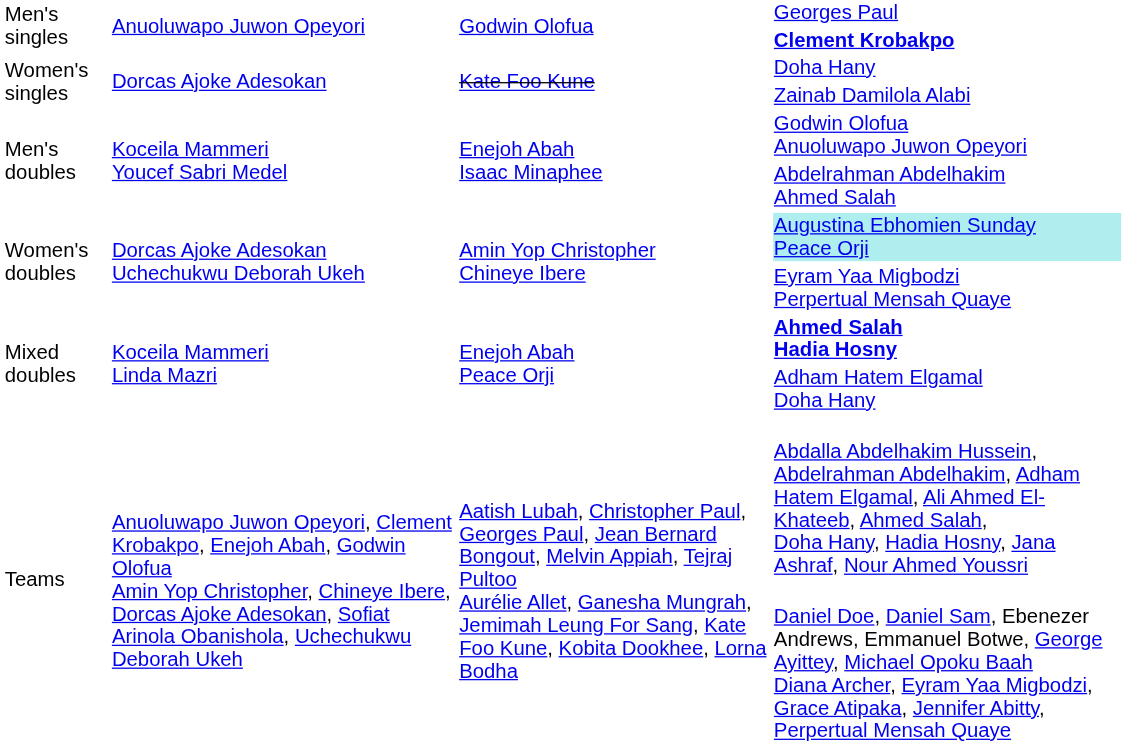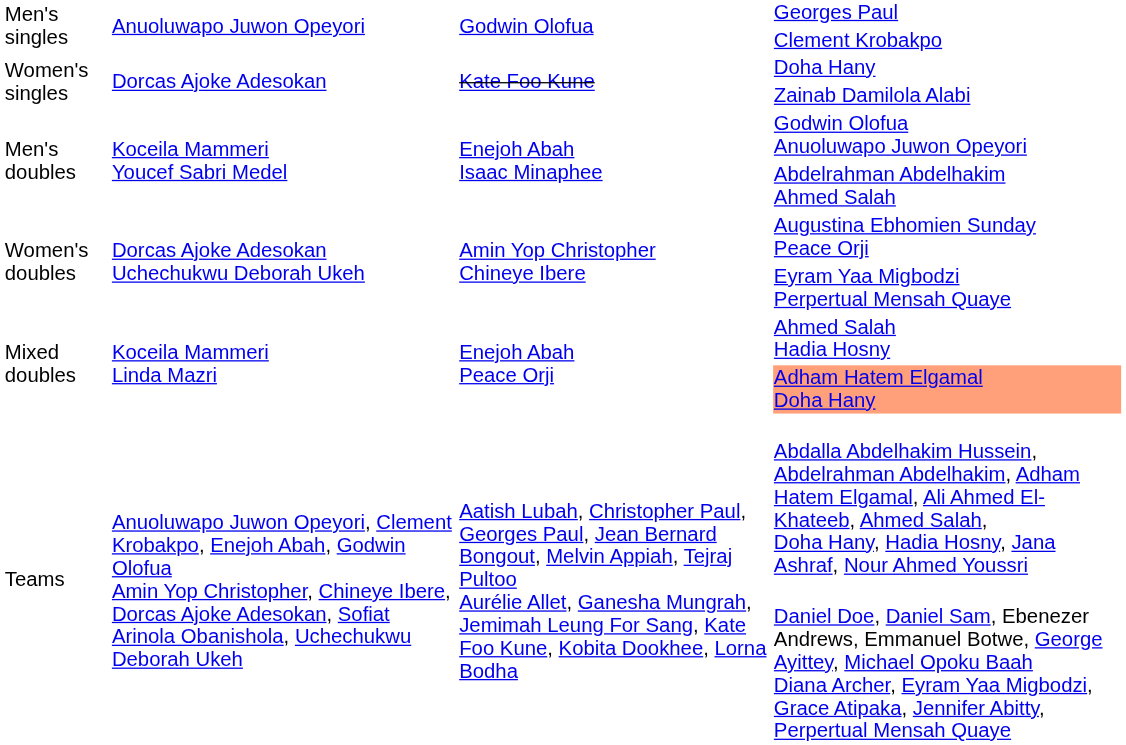 <table>
 <tr>
 <td rowspan=2>Men's singles</td>
 <td rowspan=2> <a href='#'>Anuoluwapo Juwon Opeyori</a></td>
 <td rowspan=2> <a href='#'>Godwin Olofua</a></td>
 <td> <a href='#'>Georges Paul</a></td>
 </tr>
 <tr>
-<td><strong> <a href='#'>Clement Krobakpo</a></strong></td>
+<td> <a href='#'>Clement Krobakpo</a></td>
 </tr>
 <tr>
 <td rowspan=2>Women's singles</td>
 <td rowspan=2> <a href='#'>Dorcas Ajoke Adesokan</a></td>
 <td rowspan=2> <s><a href='#'>Kate Foo Kune</a></s></td>
 <td> <a href='#'>Doha Hany</a></td>
 </tr>
 <tr>
 <td> <a href='#'>Zainab Damilola Alabi</a></td>
 </tr>
 <tr>
 <td rowspan=2>Men's doubles</td>
 <td rowspan=2> <a href='#'>Koceila Mammeri</a><br> <a href='#'>Youcef Sabri Medel</a></td>
 <td rowspan=2> <a href='#'>Enejoh Abah</a><br> <a href='#'>Isaac Minaphee</a></td>
 <td> <a href='#'>Godwin Olofua</a><br> <a href='#'>Anuoluwapo Juwon Opeyori</a></td>
 </tr>
 <tr>
 <td> <a href='#'>Abdelrahman Abdelhakim</a><br> <a href='#'>Ahmed Salah</a></td>
 </tr>
 <tr>
 <td rowspan=2>Women's doubles</td>
 <td rowspan=2> <a href='#'>Dorcas Ajoke Adesokan</a><br> <a href='#'>Uchechukwu Deborah Ukeh</a></td>
 <td rowspan=2> <a href='#'>Amin Yop Christopher</a><br> <a href='#'>Chineye Ibere</a></td>
-<td style="background: paleturquoise;"> <a href='#'>Augustina Ebhomien Sunday</a><br> <a href='#'>Peace Orji</a></td>
+<td> <a href='#'>Augustina Ebhomien Sunday</a><br> <a href='#'>Peace Orji</a></td>
 </tr>
 <tr>
 <td> <a href='#'>Eyram Yaa Migbodzi</a><br> <a href='#'>Perpertual Mensah Quaye</a></td>
 </tr>
 <tr>
 <td rowspan=2>Mixed doubles</td>
 <td rowspan=2> <a href='#'>Koceila Mammeri</a> <br> <a href='#'>Linda Mazri</a></td>
 <td rowspan=2> <a href='#'>Enejoh Abah</a> <br> <a href='#'>Peace Orji</a></td>
-<td><strong> <a href='#'>Ahmed Salah</a> <br> <a href='#'>Hadia Hosny</a></strong></td>
+<td> <a href='#'>Ahmed Salah</a> <br> <a href='#'>Hadia Hosny</a></td>
 </tr>
 <tr>
-<td> <a href='#'>Adham Hatem Elgamal</a><br> <a href='#'>Doha Hany</a></td>
+<td style="background: lightsalmon;"> <a href='#'>Adham Hatem Elgamal</a><br> <a href='#'>Doha Hany</a></td>
 </tr>
 <tr>
 <td rowspan=2>Teams</td>
 <td rowspan=2><br><a href='#'>Anuoluwapo Juwon Opeyori</a>, <a href='#'>Clement Krobakpo</a>, <a href='#'>Enejoh Abah</a>, <a href='#'>Godwin Olofua</a><br><a href='#'>Amin Yop Christopher</a>, <a href='#'>Chineye Ibere</a>, <a href='#'>Dorcas Ajoke Adesokan</a>, <a href='#'>Sofiat Arinola Obanishola</a>, <a href='#'>Uchechukwu Deborah Ukeh</a></td>
 <td rowspan=2><br><a href='#'>Aatish Lubah</a>, <a href='#'>Christopher Paul</a>, <a href='#'>Georges Paul</a>, <a href='#'>Jean Bernard Bongout</a>, <a href='#'>Melvin Appiah</a>, <a href='#'>Tejraj Pultoo</a><br><a href='#'>Aurélie Allet</a>, <a href='#'>Ganesha Mungrah</a>, <a href='#'>Jemimah Leung For Sang</a>, <a href='#'>Kate Foo Kune</a>, <a href='#'>Kobita Dookhee</a>, <a href='#'>Lorna Bodha</a></td>
 <td><br><a href='#'>Abdalla Abdelhakim Hussein</a>, <a href='#'>Abdelrahman Abdelhakim</a>, <a href='#'>Adham Hatem Elgamal</a>, <a href='#'>Ali Ahmed El-Khateeb</a>, <a href='#'>Ahmed Salah</a>,<br><a href='#'>Doha Hany</a>, <a href='#'>Hadia Hosny</a>, <a href='#'>Jana Ashraf</a>, <a href='#'>Nour Ahmed Youssri</a></td>
 </tr>
 <tr>
 <td><br><a href='#'>Daniel Doe</a>, <a href='#'>Daniel Sam</a>, Ebenezer Andrews, Emmanuel Botwe, <a href='#'>George Ayittey</a>, <a href='#'>Michael Opoku Baah</a><br><a href='#'>Diana Archer</a>, <a href='#'>Eyram Yaa Migbodzi</a>, <a href='#'>Grace Atipaka</a>, <a href='#'>Jennifer Abitty</a>, <a href='#'>Perpertual Mensah Quaye</a></td>
 </tr>
 </table>
